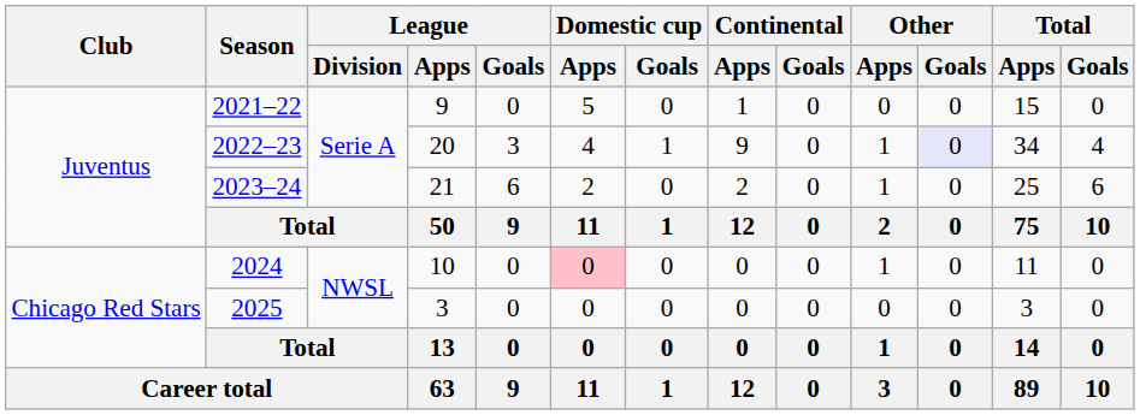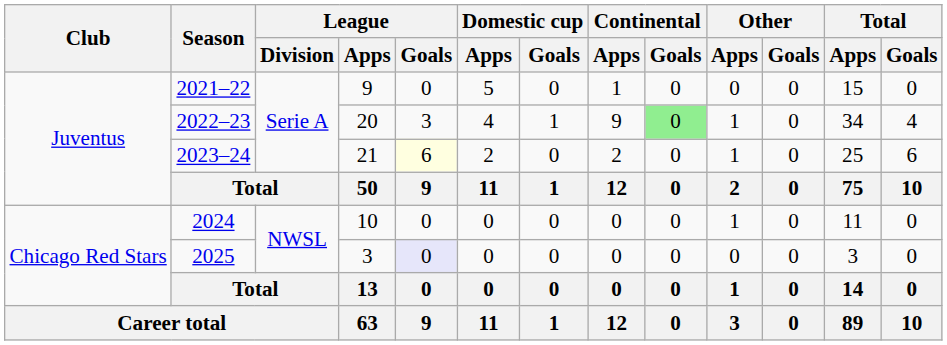 <table class="wikitable" style="text-align: center;">
 <tr>
 <th rowspan="2">Club</th>
 <th rowspan="2">Season</th>
 <th colspan="3">League</th>
 <th colspan="2">Domestic cup</th>
 <th colspan="2">Continental</th>
 <th colspan="2">Other</th>
 <th colspan="2">Total</th>
 </tr>
 <tr>
 <th>Division</th>
 <th>Apps</th>
 <th>Goals</th>
 <th>Apps</th>
 <th>Goals</th>
 <th>Apps</th>
 <th>Goals</th>
 <th>Apps</th>
 <th>Goals</th>
 <th>Apps</th>
 <th>Goals</th>
 </tr>
 <tr>
 <td rowspan="4"><a href='#'>Juventus</a></td>
 <td><a href='#'>2021–22</a></td>
 <td rowspan="3"><a href='#'>Serie A</a></td>
 <td>9</td>
 <td>0</td>
 <td>5</td>
 <td>0</td>
 <td>1</td>
 <td>0</td>
 <td>0</td>
 <td>0</td>
 <td>15</td>
 <td>0</td>
 </tr>
 <tr>
 <td><a href='#'>2022–23</a></td>
 <td>20</td>
 <td>3</td>
 <td>4</td>
 <td>1</td>
 <td>9</td>
+<td style="background: lightgreen;">0</td>
+<td>1</td>
 <td>0</td>
-<td>1</td>
-<td style="background: lavender;">0</td>
 <td>34</td>
 <td>4</td>
 </tr>
 <tr>
 <td><a href='#'>2023–24</a></td>
 <td>21</td>
-<td>6</td>
+<td style="background: lightyellow;">6</td>
 <td>2</td>
 <td>0</td>
 <td>2</td>
 <td>0</td>
 <td>1</td>
 <td>0</td>
 <td>25</td>
 <td>6</td>
 </tr>
 <tr>
 <th colspan="2">Total</th>
 <th>50</th>
 <th>9</th>
 <th>11</th>
 <th>1</th>
 <th>12</th>
 <th>0</th>
 <th>2</th>
 <th>0</th>
 <th>75</th>
 <th>10</th>
 </tr>
 <tr>
 <td rowspan="3"><a href='#'>Chicago Red Stars</a></td>
 <td><a href='#'>2024</a></td>
 <td rowspan="2"><a href='#'>NWSL</a></td>
 <td>10</td>
 <td>0</td>
-<td style="background: pink;">0</td>
+<td>0</td>
 <td>0</td>
 <td>0</td>
 <td>0</td>
 <td>1</td>
 <td>0</td>
 <td>11</td>
 <td>0</td>
 </tr>
 <tr>
 <td><a href='#'>2025</a></td>
 <td>3</td>
-<td>0</td>
+<td style="background: lavender;">0</td>
 <td>0</td>
 <td>0</td>
 <td>0</td>
 <td>0</td>
 <td>0</td>
 <td>0</td>
 <td>3</td>
 <td>0</td>
 </tr>
 <tr>
 <th colspan="2">Total</th>
 <th>13</th>
 <th>0</th>
 <th>0</th>
 <th>0</th>
 <th>0</th>
 <th>0</th>
 <th>1</th>
 <th>0</th>
 <th>14</th>
 <th>0</th>
 </tr>
 <tr>
 <th colspan="3">Career total</th>
 <th>63</th>
 <th>9</th>
 <th>11</th>
 <th>1</th>
 <th>12</th>
 <th>0</th>
 <th>3</th>
 <th>0</th>
 <th>89</th>
 <th>10</th>
 </tr>
 </table>
